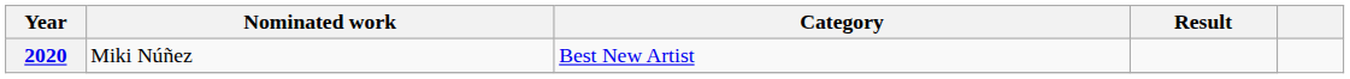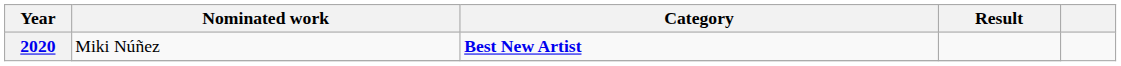 <table class="wikitable plainrowheaders" style="width:80%;">
 <tr>
 <th style="width:6%;" scope="col">Year</th>
 <th style="width:35%;" scope="col">Nominated work</th>
 <th style="width:43%;" scope="col">Category</th>
 <th style="width:11%;" scope="col">Result</th>
 <th style="width:5%;" scope="col"></th>
 </tr>
 <tr>
 <th rowspan="2" scope="row"><a href='#'>2020</a></th>
 <td>Miki Núñez</td>
-<td><a href='#'>Best New Artist</a></td>
+<td><strong><a href='#'>Best New Artist</a></strong></td>
 <td></td>
 <td rowspan="2" align="center"></td>
 </tr>
 <tr>
 </tr>
 </table>
